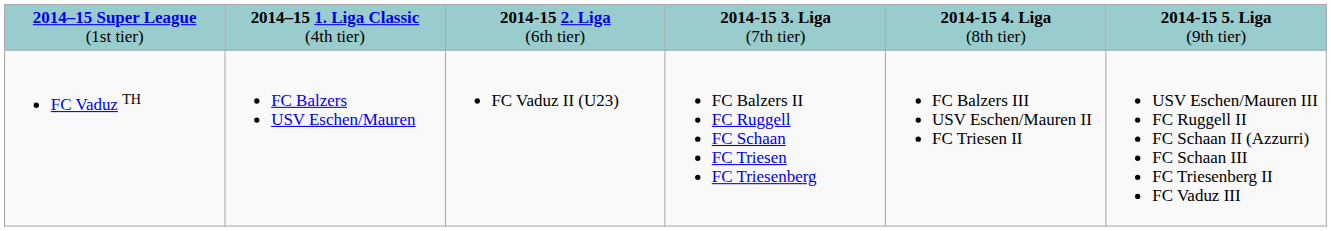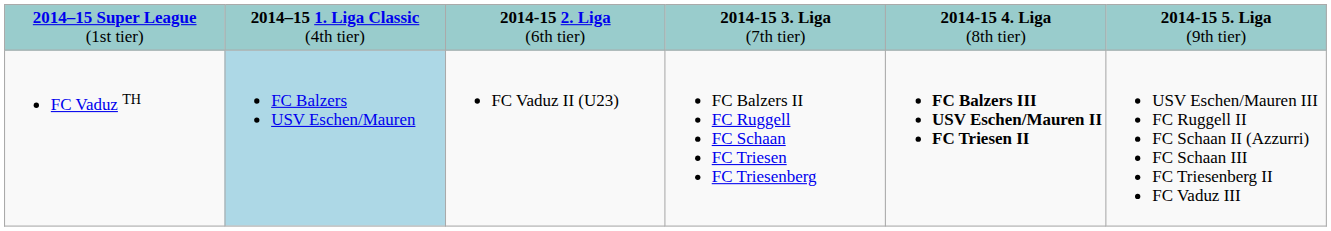 <table class="wikitable">
 <tr valign="top" bgcolor="#99CCCC">
 <td align="center" width="16%"><strong><a href='#'>2014–15 Super League</a></strong><br>(1st tier)</td>
 <td align="center" width="16%"><strong>2014–15 <a href='#'>1. Liga Classic</a></strong><br>(4th tier)</td>
 <td align="center" width="16%"><strong>2014-15 <a href='#'>2. Liga</a></strong><br>(6th tier)</td>
 <td align="center" width="16%"><strong>2014-15 3. Liga</strong><br>(7th tier)</td>
 <td align="center" width="16%"><strong>2014-15 4. Liga</strong><br>(8th tier)</td>
 <td align="center" width="16%"><strong>2014-15 5. Liga</strong><br>(9th tier)</td>
 </tr>
 <tr valign="top">
 <td><br><ul><li><a href='#'>FC Vaduz</a> <sup>TH</sup></li></ul></td>
-<td><br><ul><li><a href='#'>FC Balzers</a></li><li><a href='#'>USV Eschen/Mauren</a></li></ul></td>
+<td style="background: lightblue;"><br><ul><li><a href='#'>FC Balzers</a></li><li><a href='#'>USV Eschen/Mauren</a></li></ul></td>
 <td><br><ul><li>FC Vaduz II (U23)</li></ul></td>
 <td><br><ul><li>FC Balzers II</li><li><a href='#'>FC Ruggell</a></li><li><a href='#'>FC Schaan</a></li><li><a href='#'>FC Triesen</a></li><li><a href='#'>FC Triesenberg</a></li></ul></td>
-<td><br><ul><li>FC Balzers III</li><li>USV Eschen/Mauren II</li><li>FC Triesen II</li></ul></td>
+<td><strong><br><ul><li>FC Balzers III</li><li>USV Eschen/Mauren II</li><li>FC Triesen II</li></ul></strong></td>
 <td><br><ul><li>USV Eschen/Mauren III</li><li>FC Ruggell II</li><li>FC Schaan II (Azzurri)</li><li>FC Schaan III</li><li>FC Triesenberg II</li><li>FC Vaduz III</li></ul></td>
 </tr>
 </table>
